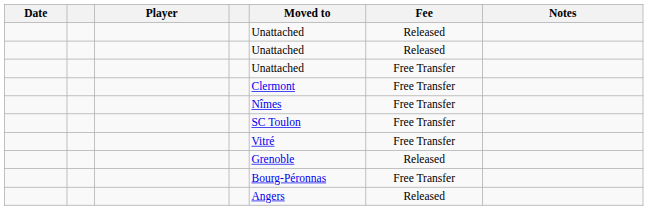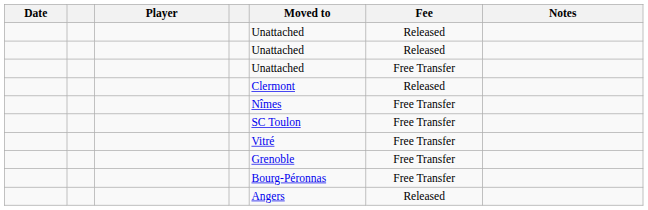 <table class="wikitable sortable">
 <tr>
 <th style="width:80px;">Date</th>
 <th style="width:30px;"></th>
 <th style="width:180px;">Player</th>
 <th style="width:20px;"></th>
 <th style="width:155px;">Moved to</th>
 <th style="width:155px;" class="unsortable">Fee</th>
 <th style="width:215px;" class="unsortable">Notes</th>
 </tr>
 <tr>
 <td></td>
 <td align=center></td>
 <td> </td>
 <td></td>
 <td>Unattached</td>
 <td align=center>Released</td>
 <td align=center></td>
 </tr>
 <tr>
 <td></td>
 <td align=center></td>
 <td> </td>
 <td></td>
 <td>Unattached</td>
 <td align=center>Released</td>
 <td align=center></td>
 </tr>
 <tr>
 <td></td>
 <td align=center></td>
 <td> </td>
 <td></td>
 <td>Unattached</td>
 <td align=center>Free Transfer</td>
 <td align=center></td>
 </tr>
 <tr>
 <td></td>
 <td align=center></td>
 <td> </td>
 <td></td>
 <td> <a href='#'>Clermont</a></td>
-<td align=center>Free Transfer</td>
+<td align=center>Released</td>
 <td align=center></td>
 </tr>
 <tr>
 <td></td>
 <td align=center></td>
 <td> </td>
 <td></td>
 <td> <a href='#'>Nîmes</a></td>
 <td align=center>Free Transfer</td>
 <td align=center></td>
 </tr>
 <tr>
 <td></td>
 <td align=center></td>
 <td> </td>
 <td></td>
 <td> <a href='#'>SC Toulon</a></td>
 <td align=center>Free Transfer</td>
 <td align=center></td>
 </tr>
 <tr>
 <td></td>
 <td align=center></td>
 <td> </td>
 <td></td>
 <td> <a href='#'>Vitré</a></td>
 <td align=center>Free Transfer</td>
 <td align=center></td>
 </tr>
 <tr>
 <td></td>
 <td align=center></td>
 <td> </td>
 <td></td>
 <td> <a href='#'>Grenoble</a></td>
-<td align=center>Released</td>
+<td align=center>Free Transfer</td>
 <td align=center></td>
 </tr>
 <tr>
 <td></td>
 <td align=center></td>
 <td> </td>
 <td></td>
 <td> <a href='#'>Bourg-Péronnas</a></td>
 <td align=center>Free Transfer</td>
 <td align=center></td>
 </tr>
 <tr>
 <td></td>
 <td align=center></td>
 <td> </td>
 <td></td>
 <td> <a href='#'>Angers</a></td>
 <td align=center>Released</td>
 <td align=center></td>
 </tr>
 </table>
